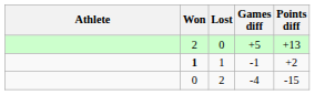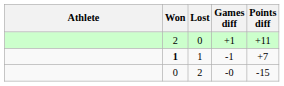 <table class="wikitable">
 <tr>
 <th style="width:15em">Athlete</th>
 <th>Won</th>
 <th>Lost</th>
 <th>Games<br>diff</th>
 <th>Points<br>diff</th>
 </tr>
 <tr bgcolor="#ccffcc">
 <td></td>
 <td align="center">2</td>
 <td align="center">0</td>
-<td align="center">+5</td>
-<td align="center">+13</td>
+<td align="center">+1</td>
+<td align="center">+11</td>
 </tr>
 <tr>
 <td></td>
 <td align="center"><strong>1</strong></td>
 <td align="center">1</td>
 <td align="center">-1</td>
-<td align="center">+2</td>
+<td align="center">+7</td>
 </tr>
 <tr>
 <td></td>
 <td align="center">0</td>
 <td align="center">2</td>
-<td align="center">-4</td>
+<td align="center">-0</td>
 <td align="center">-15</td>
 </tr>
 </table>
